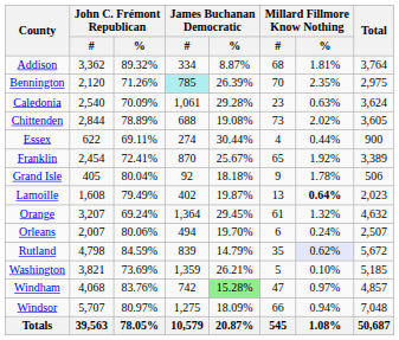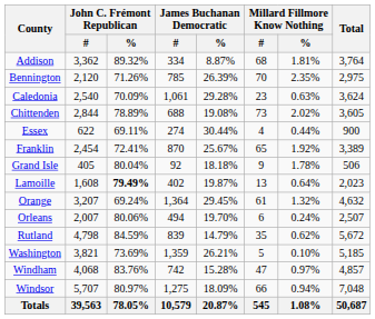 <table class="wikitable sortable mw-collapsible mw-collapsed" width="60%" style="text-align:center">
 <tr>
 <th rowspan="2" style="text-align:center;">County</th>
 <th colspan="2" style="text-align:center;">John C. Frémont<br>Republican</th>
 <th colspan="2" style="text-align:center;">James Buchanan<br>Democratic</th>
 <th colspan="2" style="text-align:center;">Millard Fillmore<br>Know Nothing</th>
 <th rowspan="2" style="text-align:center;">Total</th>
 </tr>
 <tr>
 <th data-sort-type="number" style="text-align:center;">#</th>
 <th data-sort-type="number" style="text-align:center;">%</th>
 <th data-sort-type="number" style="text-align:center;">#</th>
 <th data-sort-type="number" style="text-align:center;">%</th>
 <th data-sort-type="number" style="text-align:center;">#</th>
 <th data-sort-type="number" style="text-align:center;">%</th>
 </tr>
 <tr style="text-align:center;">
 <td><a href='#'>Addison</a></td>
 <td>3,362</td>
 <td>89.32%</td>
 <td>334</td>
 <td>8.87%</td>
 <td>68</td>
 <td>1.81%</td>
 <td>3,764</td>
 </tr>
 <tr style="text-align:center;">
 <td><a href='#'>Bennington</a></td>
 <td>2,120</td>
 <td>71.26%</td>
-<td style="background: paleturquoise;">785</td>
+<td>785</td>
 <td>26.39%</td>
 <td>70</td>
 <td>2.35%</td>
 <td>2,975</td>
 </tr>
 <tr style="text-align:center;">
 <td><a href='#'>Caledonia</a></td>
 <td>2,540</td>
 <td>70.09%</td>
 <td>1,061</td>
 <td>29.28%</td>
 <td>23</td>
 <td>0.63%</td>
 <td>3,624</td>
 </tr>
 <tr style="text-align:center;">
 <td><a href='#'>Chittenden</a></td>
 <td>2,844</td>
 <td>78.89%</td>
 <td>688</td>
 <td>19.08%</td>
 <td>73</td>
 <td>2.02%</td>
 <td>3,605</td>
 </tr>
 <tr style="text-align:center;">
 <td><a href='#'>Essex</a></td>
 <td>622</td>
 <td>69.11%</td>
 <td>274</td>
 <td>30.44%</td>
 <td>4</td>
 <td>0.44%</td>
 <td>900</td>
 </tr>
 <tr style="text-align:center;">
 <td><a href='#'>Franklin</a></td>
 <td>2,454</td>
 <td>72.41%</td>
 <td>870</td>
 <td>25.67%</td>
 <td>65</td>
 <td>1.92%</td>
 <td>3,389</td>
 </tr>
 <tr style="text-align:center;">
 <td><a href='#'>Grand Isle</a></td>
 <td>405</td>
 <td>80.04%</td>
 <td>92</td>
 <td>18.18%</td>
 <td>9</td>
 <td>1.78%</td>
 <td>506</td>
 </tr>
 <tr style="text-align:center;">
 <td><a href='#'>Lamoille</a></td>
 <td>1,608</td>
-<td>79.49%</td>
+<td><strong>79.49%</strong></td>
 <td>402</td>
 <td>19.87%</td>
 <td>13</td>
-<td><strong>0.64%</strong></td>
+<td>0.64%</td>
 <td>2,023</td>
 </tr>
 <tr style="text-align:center;">
 <td><a href='#'>Orange</a></td>
 <td>3,207</td>
 <td>69.24%</td>
 <td>1,364</td>
 <td>29.45%</td>
 <td>61</td>
 <td>1.32%</td>
 <td>4,632</td>
 </tr>
 <tr style="text-align:center;">
 <td><a href='#'>Orleans</a></td>
 <td>2,007</td>
 <td>80.06%</td>
 <td>494</td>
 <td>19.70%</td>
 <td>6</td>
 <td>0.24%</td>
 <td>2,507</td>
 </tr>
 <tr style="text-align:center;">
 <td><a href='#'>Rutland</a></td>
 <td>4,798</td>
 <td>84.59%</td>
 <td>839</td>
 <td>14.79%</td>
 <td>35</td>
-<td style="background: lavender;">0.62%</td>
+<td>0.62%</td>
 <td>5,672</td>
 </tr>
 <tr style="text-align:center;">
 <td><a href='#'>Washington</a></td>
 <td>3,821</td>
 <td>73.69%</td>
 <td>1,359</td>
 <td>26.21%</td>
 <td>5</td>
 <td>0.10%</td>
 <td>5,185</td>
 </tr>
 <tr style="text-align:center;">
 <td><a href='#'>Windham</a></td>
 <td>4,068</td>
 <td>83.76%</td>
 <td>742</td>
-<td style="background: lightgreen;">15.28%</td>
+<td>15.28%</td>
 <td>47</td>
 <td>0.97%</td>
 <td>4,857</td>
 </tr>
 <tr style="text-align:center;">
 <td><a href='#'>Windsor</a></td>
 <td>5,707</td>
 <td>80.97%</td>
 <td>1,275</td>
 <td>18.09%</td>
 <td>66</td>
 <td>0.94%</td>
 <td>7,048</td>
 </tr>
 <tr>
 <th>Totals</th>
 <th>39,563</th>
 <th>78.05%</th>
 <th>10,579</th>
 <th>20.87%</th>
 <th>545</th>
 <th>1.08%</th>
 <th>50,687</th>
 </tr>
 </table>
